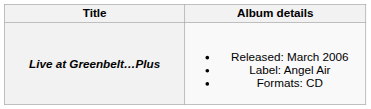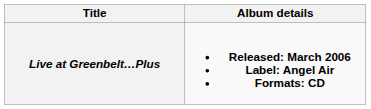 <table class="wikitable plainrowheaders" style="text-align:center;">
 <tr>
 <th scope="col" style="width:15em;">Title</th>
 <th scope="col" style="width:15em;">Album details</th>
 </tr>
 <tr>
 <th scope="row"><em>Live at Greenbelt…Plus</em></th>
-<td><br><ul><li>Released: March 2006</li><li>Label: Angel Air</li><li>Formats: CD</li></ul></td>
+<td><strong><br><ul><li>Released: March 2006</li><li>Label: Angel Air</li><li>Formats: CD</li></ul></strong></td>
 </tr>
 </table>
